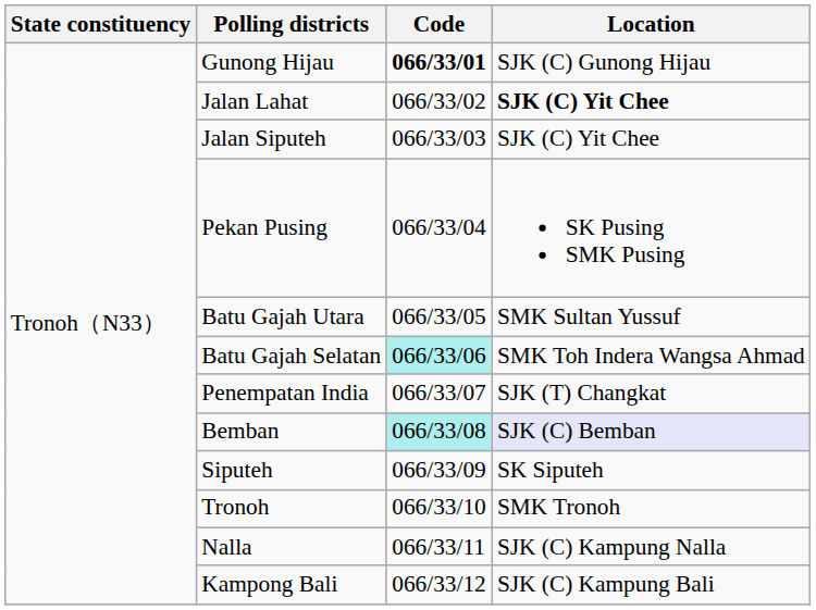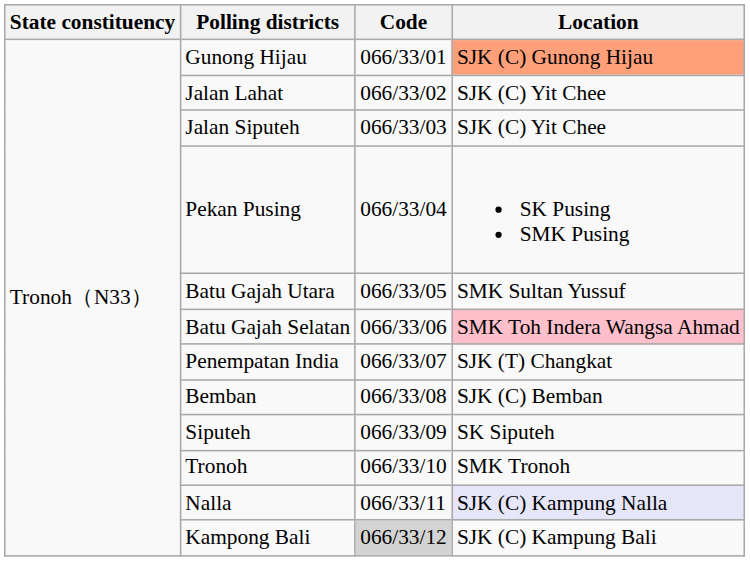 <table class="wikitable sortable mw-collapsible" style="white-space:nowrap;font-size:85%">
 <tr>
 <th>State constituency</th>
 <th>Polling districts</th>
 <th>Code</th>
 <th>Location</th>
 </tr>
 <tr>
 <td rowspan="12">Tronoh（N33）</td>
 <td>Gunong Hijau</td>
-<td><strong>066/33/01</strong></td>
-<td>SJK (C) Gunong Hijau</td>
+<td>066/33/01</td>
+<td style="background: lightsalmon;">SJK (C) Gunong Hijau</td>
 </tr>
 <tr>
 <td>Jalan  Lahat</td>
 <td>066/33/02</td>
-<td><strong>SJK (C) Yit Chee</strong></td>
+<td>SJK (C) Yit Chee</td>
 </tr>
 <tr>
 <td>Jalan Siputeh</td>
 <td>066/33/03</td>
 <td>SJK (C) Yit Chee</td>
 </tr>
 <tr>
 <td>Pekan Pusing</td>
 <td>066/33/04</td>
 <td><br><ul><li>SK Pusing</li><li>SMK Pusing</li></ul></td>
 </tr>
 <tr>
 <td>Batu Gajah Utara</td>
 <td>066/33/05</td>
 <td>SMK Sultan Yussuf</td>
 </tr>
 <tr>
 <td>Batu Gajah Selatan</td>
-<td style="background: paleturquoise;">066/33/06</td>
-<td>SMK Toh Indera Wangsa Ahmad</td>
+<td>066/33/06</td>
+<td style="background: pink;">SMK Toh Indera Wangsa Ahmad</td>
 </tr>
 <tr>
 <td>Penempatan India</td>
 <td>066/33/07</td>
 <td>SJK (T) Changkat</td>
 </tr>
 <tr>
 <td>Bemban</td>
-<td style="background: paleturquoise;">066/33/08</td>
-<td style="background: lavender;">SJK (C) Bemban</td>
+<td>066/33/08</td>
+<td>SJK (C) Bemban</td>
 </tr>
 <tr>
 <td>Siputeh</td>
 <td>066/33/09</td>
 <td>SK Siputeh</td>
 </tr>
 <tr>
 <td>Tronoh</td>
 <td>066/33/10</td>
 <td>SMK Tronoh</td>
 </tr>
 <tr>
 <td>Nalla</td>
 <td>066/33/11</td>
-<td>SJK (C) Kampung Nalla</td>
+<td style="background: lavender;">SJK (C) Kampung Nalla</td>
 </tr>
 <tr>
 <td>Kampong Bali</td>
-<td>066/33/12</td>
+<td style="background: lightgrey;">066/33/12</td>
 <td>SJK (C) Kampung Bali</td>
 </tr>
 </table>
